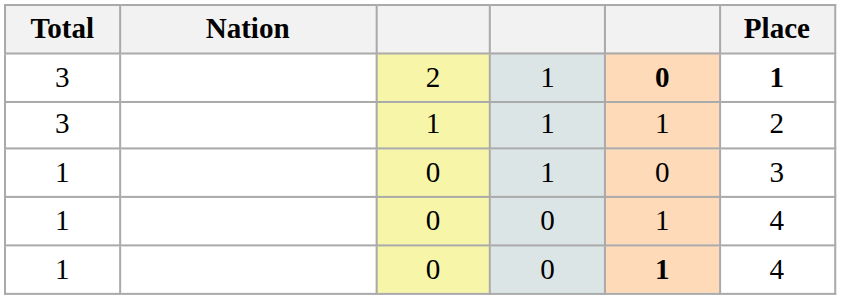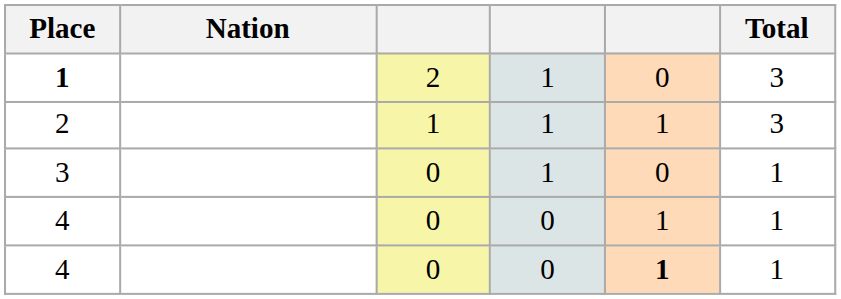 <table class=wikitable style="border:1px solid #AAAAAA;font-size:90%">
 <tr bgcolor="#EFEFEF">
-<th width=50>Total</th>
+<th width=50>Place</th>
 <th width=120>Nation</th>
 <th width=50></th>
 <th width=50></th>
 <th width=50></th>
-<th width=50>Place</th>
+<th width=50>Total</th>
 </tr>
 <tr align="center" valign="top" bgcolor="#FFFFFF">
-<td>3</td>
+<td><strong>1</strong></td>
 <td align="left"><strong></strong></td>
 <td style="background:#F7F6A8;">2</td>
-<td style="background:#DCE5E5;">1</td>
-<td style="background:#FFDAB9;"><strong>0</strong></td>
-<td><strong>1</strong></td>
-</tr>
-<tr align="center" valign="top" bgcolor="#FFFFFF">
-<td>3</td>
-<td align="left"></td>
-<td style="background:#F7F6A8;">1</td>
-<td style="background:#DCE5E5;">1</td>
-<td style="background:#FFDAB9;">1</td>
-<td>2</td>
-</tr>
-<tr align="center" valign="top" bgcolor="#FFFFFF">
-<td>1</td>
-<td align="left"></td>
-<td style="background:#F7F6A8;">0</td>
 <td style="background:#DCE5E5;">1</td>
 <td style="background:#FFDAB9;">0</td>
 <td>3</td>
 </tr>
 <tr align="center" valign="top" bgcolor="#FFFFFF">
+<td>2</td>
+<td align="left"></td>
+<td style="background:#F7F6A8;">1</td>
+<td style="background:#DCE5E5;">1</td>
+<td style="background:#FFDAB9;">1</td>
+<td>3</td>
+</tr>
+<tr align="center" valign="top" bgcolor="#FFFFFF">
+<td>3</td>
+<td align="left"></td>
+<td style="background:#F7F6A8;">0</td>
+<td style="background:#DCE5E5;">1</td>
+<td style="background:#FFDAB9;">0</td>
 <td>1</td>
+</tr>
+<tr align="center" valign="top" bgcolor="#FFFFFF">
+<td>4</td>
 <td align="left"></td>
 <td style="background:#F7F6A8;">0</td>
 <td style="background:#DCE5E5;">0</td>
 <td style="background:#FFDAB9;">1</td>
-<td>4</td>
+<td>1</td>
 </tr>
 <tr align="center" valign="top" bgcolor="#FFFFFF">
-<td>1</td>
+<td>4</td>
 <td align="left"></td>
 <td style="background:#F7F6A8;">0</td>
 <td style="background:#DCE5E5;">0</td>
 <td style="background:#FFDAB9;"><strong>1</strong></td>
-<td>4</td>
+<td>1</td>
 </tr>
 </table>
